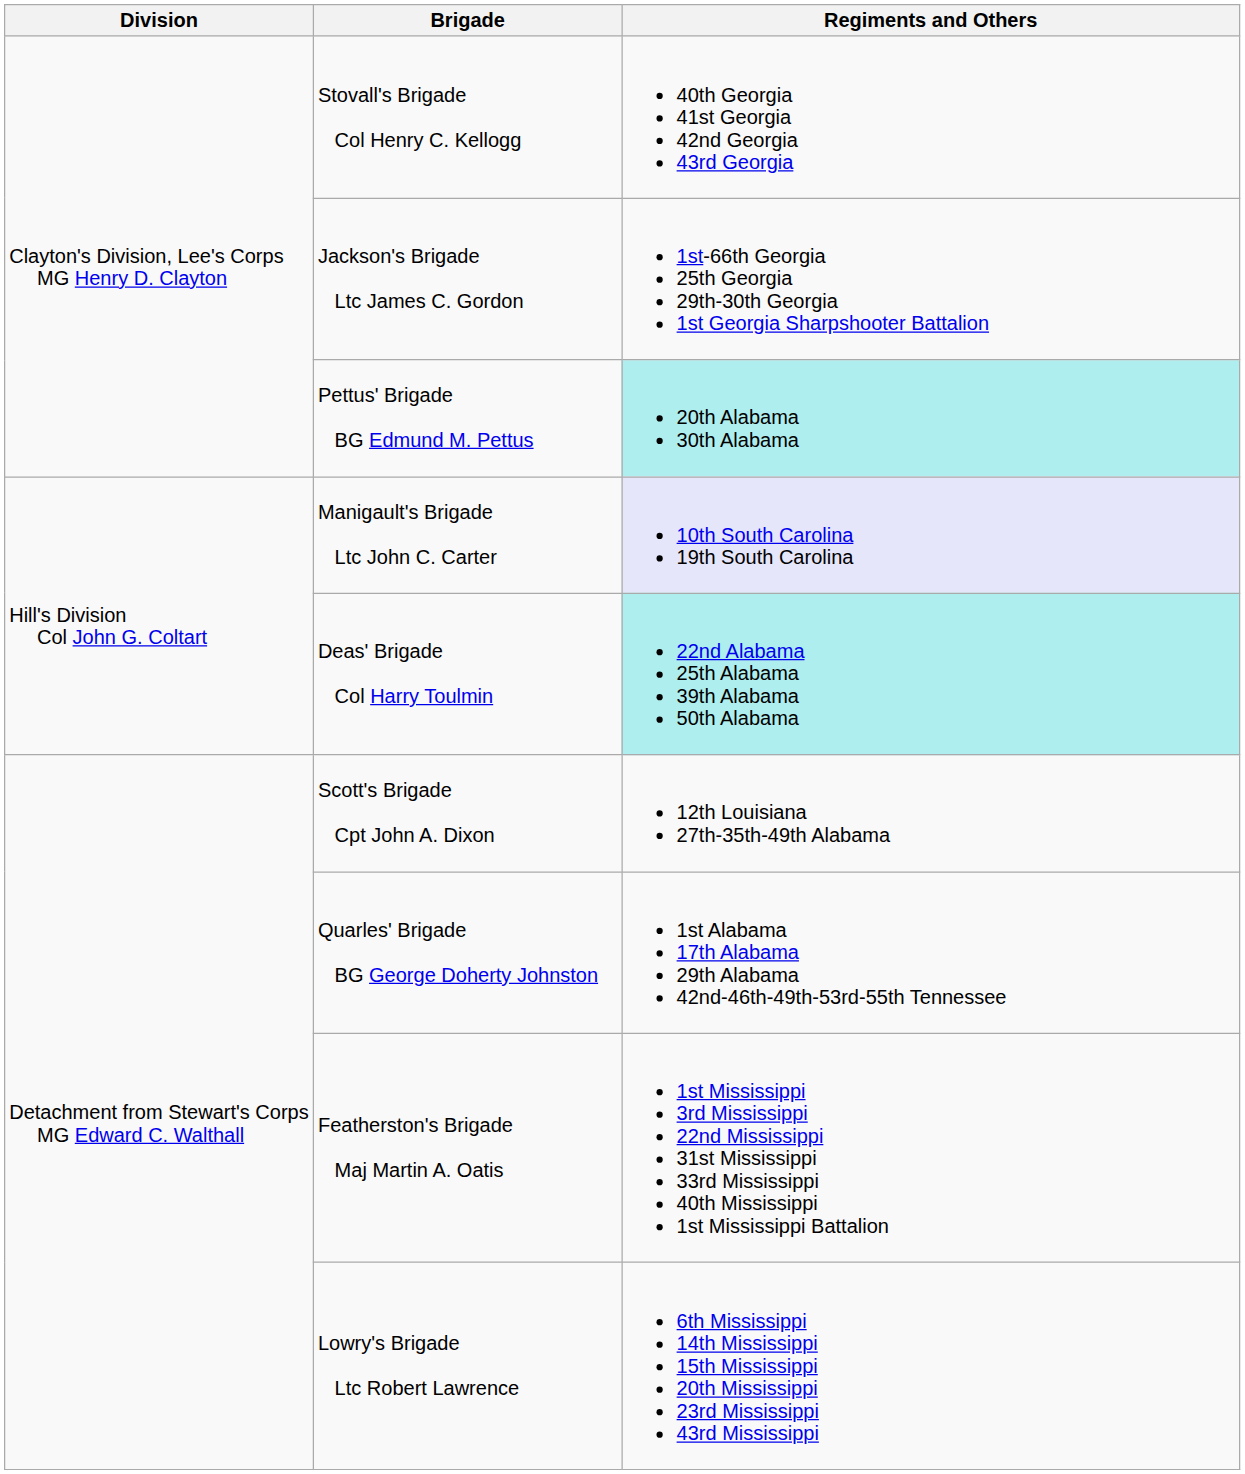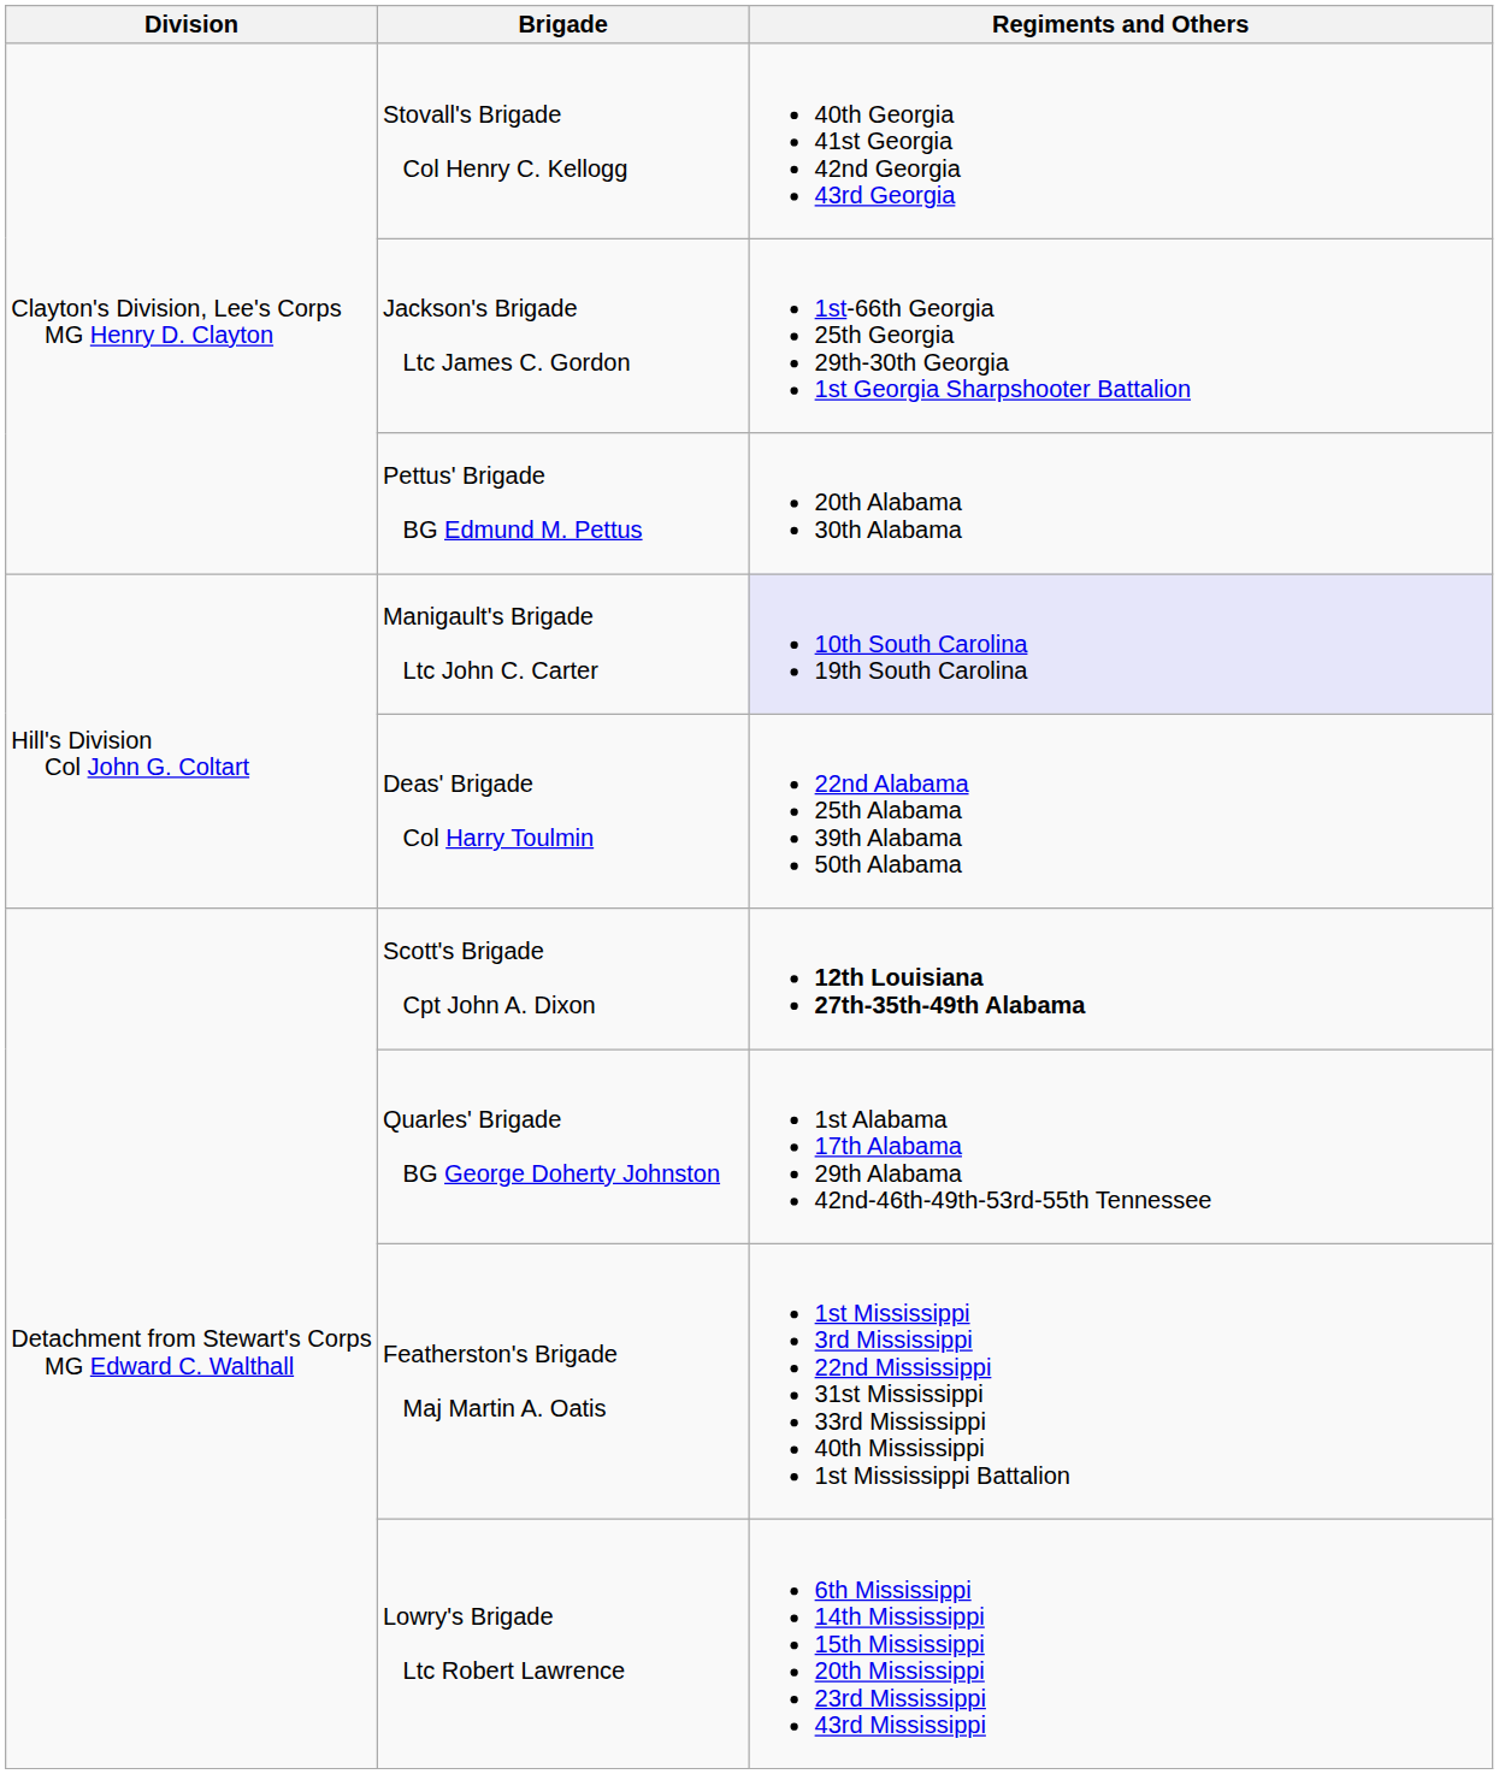 <table class="wikitable">
 <tr>
 <th width=25%>Division</th>
 <th width=25%>Brigade</th>
 <th>Regiments and Others</th>
 </tr>
 <tr>
 <td rowspan=3><br>Clayton's Division, Lee's Corps <br>     MG <a href='#'>Henry D. Clayton</a></td>
 <td>Stovall's Brigade<br><br>   Col Henry C. Kellogg</td>
 <td><br><ul><li>40th Georgia</li><li>41st Georgia</li><li>42nd Georgia</li><li><a href='#'>43rd Georgia</a></li></ul></td>
 </tr>
 <tr>
 <td>Jackson's Brigade<br><br>   Ltc James C. Gordon</td>
 <td><br><ul><li><a href='#'>1st</a>-66th Georgia</li><li>25th Georgia</li><li>29th-30th Georgia</li><li><a href='#'>1st Georgia Sharpshooter Battalion</a></li></ul></td>
 </tr>
 <tr>
 <td>Pettus' Brigade<br><br>   BG <a href='#'>Edmund M. Pettus</a></td>
-<td style="background: paleturquoise;"><br><ul><li>20th Alabama</li><li>30th Alabama</li></ul></td>
+<td><br><ul><li>20th Alabama</li><li>30th Alabama</li></ul></td>
 </tr>
 <tr>
 <td rowspan= 2><br>Hill's Division <br>     Col <a href='#'>John G. Coltart</a></td>
 <td>Manigault's Brigade<br><br>   Ltc John C. Carter</td>
 <td style="background: lavender;"><br><ul><li><a href='#'>10th South Carolina</a></li><li>19th South Carolina</li></ul></td>
 </tr>
 <tr>
 <td>Deas' Brigade<br><br>   Col <a href='#'>Harry Toulmin</a></td>
-<td style="background: paleturquoise;"><br><ul><li><a href='#'>22nd Alabama</a></li><li>25th Alabama</li><li>39th Alabama</li><li>50th Alabama</li></ul></td>
+<td><br><ul><li><a href='#'>22nd Alabama</a></li><li>25th Alabama</li><li>39th Alabama</li><li>50th Alabama</li></ul></td>
 </tr>
 <tr>
 <td rowspan=4><br>Detachment from Stewart's Corps <br>     MG <a href='#'>Edward C. Walthall</a></td>
 <td>Scott's Brigade<br><br>   Cpt John A. Dixon</td>
-<td><br><ul><li>12th Louisiana</li><li>27th-35th-49th Alabama</li></ul></td>
+<td><strong><br><ul><li>12th Louisiana</li><li>27th-35th-49th Alabama</li></ul></strong></td>
 </tr>
 <tr>
 <td>Quarles' Brigade<br><br>   BG <a href='#'>George Doherty Johnston</a></td>
 <td><br><ul><li>1st Alabama</li><li><a href='#'>17th Alabama</a></li><li>29th Alabama</li><li>42nd-46th-49th-53rd-55th Tennessee</li></ul></td>
 </tr>
 <tr>
 <td>Featherston's Brigade<br><br>   Maj Martin A. Oatis</td>
 <td><br><ul><li><a href='#'>1st Mississippi</a></li><li><a href='#'>3rd Mississippi</a></li><li><a href='#'>22nd Mississippi</a></li><li>31st Mississippi</li><li>33rd Mississippi</li><li>40th Mississippi</li><li>1st Mississippi Battalion</li></ul></td>
 </tr>
 <tr>
 <td>Lowry's Brigade<br><br>   Ltc Robert Lawrence</td>
 <td><br><ul><li><a href='#'>6th Mississippi</a></li><li><a href='#'>14th Mississippi</a></li><li><a href='#'>15th Mississippi</a></li><li><a href='#'>20th Mississippi</a></li><li><a href='#'>23rd Mississippi</a></li><li><a href='#'>43rd Mississippi</a></li></ul></td>
 </tr>
 </table>
